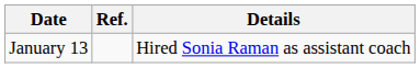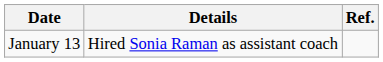 <table class="wikitable sortable sortable" style="text-align: center">
 <tr>
 <th>Date</th>
+<th>Details</th>
 <th>Ref.</th>
-<th>Details</th>
 </tr>
 <tr>
 <td>January 13</td>
+<td>Hired <a href='#'>Sonia Raman</a> as assistant coach</td>
 <td></td>
-<td>Hired <a href='#'>Sonia Raman</a> as assistant coach</td>
 </tr>
 </table>
